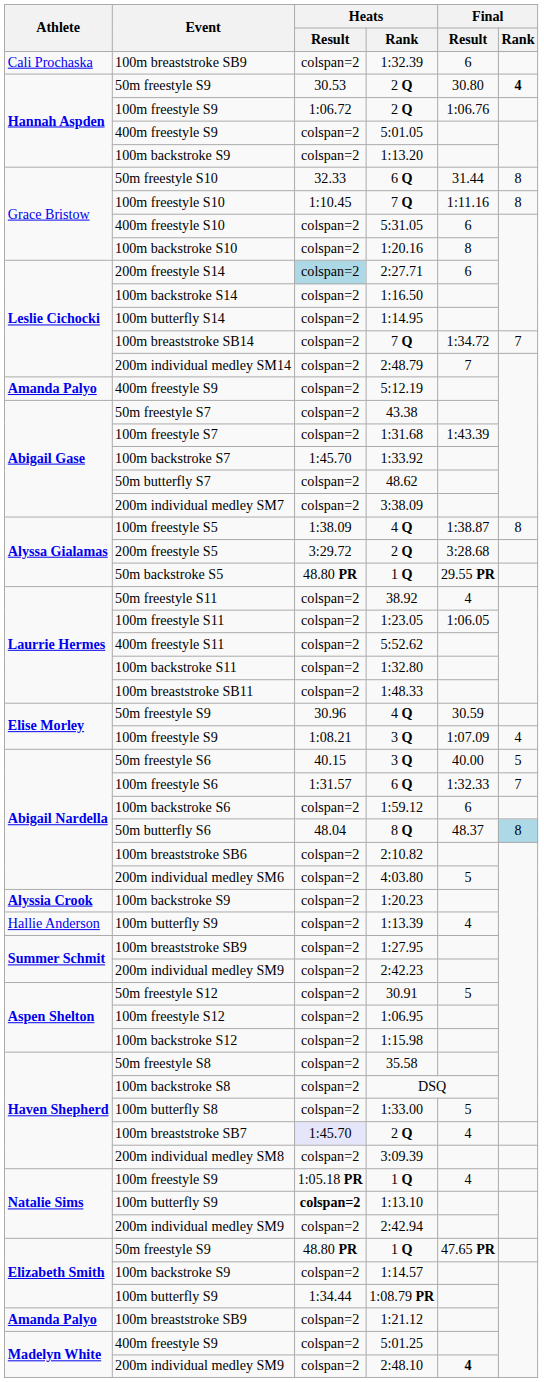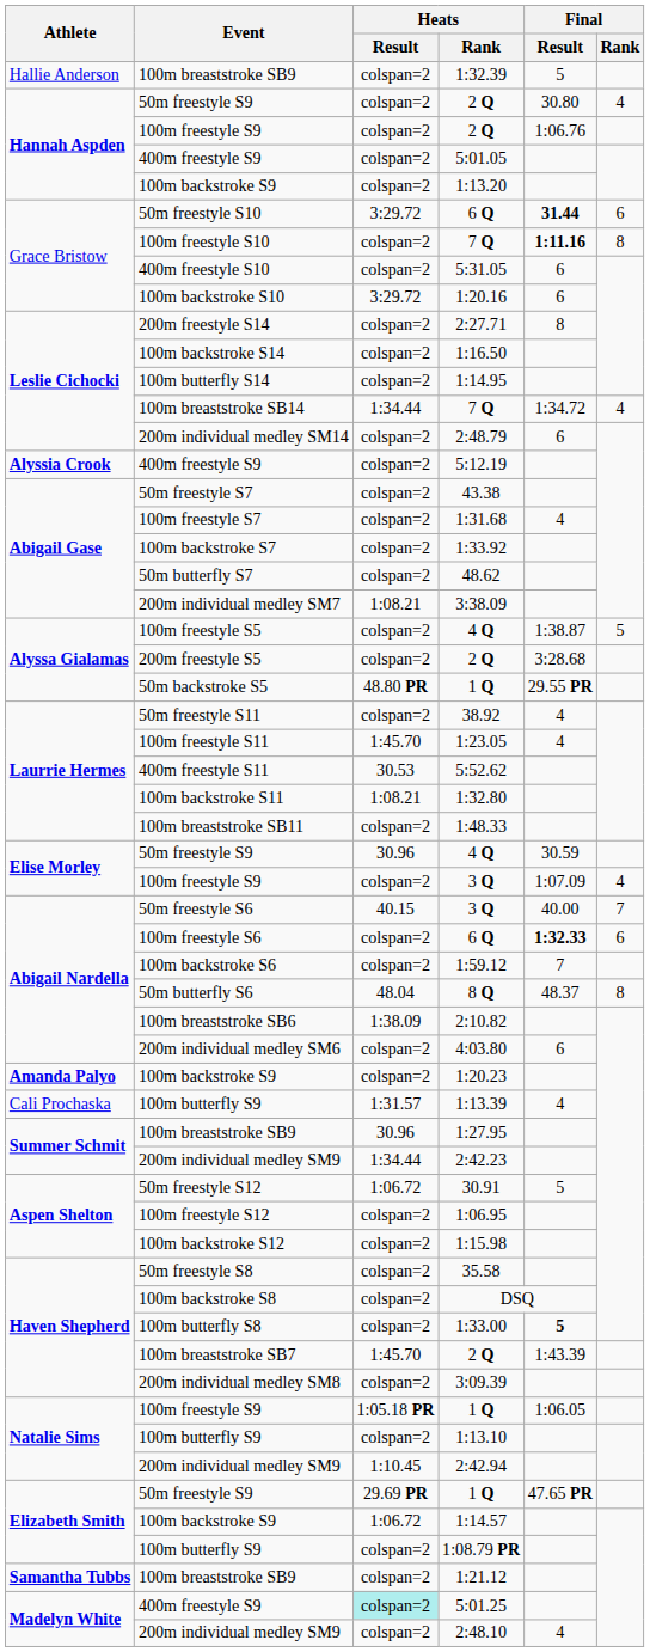 <table class=wikitable style="font-size:90%">
 <tr>
 <th rowspan="2">Athlete</th>
 <th rowspan="2">Event</th>
 <th colspan="2">Heats</th>
 <th colspan="2">Final</th>
 </tr>
 <tr>
 <th>Result</th>
 <th>Rank</th>
 <th>Result</th>
 <th>Rank</th>
 </tr>
 <tr align=center>
-<td align=left><a href='#'>Cali Prochaska</a></td>
+<td align=left><a href='#'>Hallie Anderson</a></td>
 <td align=left>100m breaststroke SB9</td>
 <td>colspan=2 </td>
 <td>1:32.39</td>
-<td>6</td>
+<td>5</td>
 </tr>
 <tr align=center>
 <td align=left rowspan=4><strong><a href='#'>Hannah Aspden</a></strong></td>
 <td align=left>50m freestyle S9</td>
-<td>30.53</td>
+<td>colspan=2 </td>
 <td>2 <strong>Q</strong></td>
 <td>30.80</td>
-<td><strong>4</strong></td>
+<td>4</td>
 </tr>
 <tr align=center>
 <td align=left>100m freestyle S9</td>
-<td>1:06.72</td>
+<td>colspan=2 </td>
 <td>2 <strong>Q</strong></td>
 <td>1:06.76</td>
 <td></td>
 </tr>
 <tr align=center>
 <td align=left>400m freestyle S9</td>
 <td>colspan=2 </td>
 <td>5:01.05</td>
 <td></td>
 </tr>
 <tr align=center>
 <td align=left>100m backstroke S9</td>
 <td>colspan=2 </td>
 <td>1:13.20</td>
 <td></td>
 </tr>
 <tr align=center>
 <td align=left rowspan=4><a href='#'>Grace Bristow</a></td>
 <td align=left>50m freestyle S10</td>
-<td>32.33</td>
+<td>3:29.72</td>
 <td>6 <strong>Q</strong></td>
-<td>31.44</td>
-<td>8</td>
+<td><strong>31.44</strong></td>
+<td>6</td>
 </tr>
 <tr align=center>
 <td align=left>100m freestyle S10</td>
-<td>1:10.45</td>
+<td>colspan=2 </td>
 <td>7 <strong>Q</strong></td>
-<td>1:11.16</td>
+<td><strong>1:11.16</strong></td>
 <td>8</td>
 </tr>
 <tr align=center>
 <td align=left>400m freestyle S10</td>
 <td>colspan=2 </td>
 <td>5:31.05</td>
 <td>6</td>
 </tr>
 <tr align=center>
 <td align=left>100m backstroke S10</td>
-<td>colspan=2 </td>
+<td>3:29.72</td>
 <td>1:20.16</td>
-<td>8</td>
+<td>6</td>
 </tr>
 <tr align=center>
 <td align=left rowspan=5><strong><a href='#'>Leslie Cichocki</a></strong></td>
 <td align=left>200m freestyle S14</td>
-<td style="background: lightblue;">colspan=2 </td>
+<td>colspan=2 </td>
 <td>2:27.71</td>
-<td>6</td>
+<td>8</td>
 </tr>
 <tr align=center>
 <td align=left>100m backstroke S14</td>
 <td>colspan=2 </td>
 <td>1:16.50</td>
 <td></td>
 </tr>
 <tr align=center>
 <td align=left>100m butterfly S14</td>
 <td>colspan=2 </td>
 <td>1:14.95</td>
 <td></td>
 </tr>
 <tr align=center>
 <td align=left>100m breaststroke SB14</td>
-<td>colspan=2 </td>
+<td>1:34.44</td>
 <td>7 <strong>Q</strong></td>
 <td>1:34.72</td>
-<td>7</td>
+<td>4</td>
 </tr>
 <tr align=center>
 <td align=left>200m individual medley SM14</td>
 <td>colspan=2 </td>
 <td>2:48.79</td>
-<td>7</td>
+<td>6</td>
 </tr>
 <tr align=center>
-<td align=left><strong><a href='#'>Amanda Palyo</a></strong></td>
+<td align=left><strong><a href='#'>Alyssia Crook</a></strong></td>
 <td align=left>400m freestyle S9</td>
 <td>colspan=2 </td>
 <td>5:12.19</td>
 <td></td>
 </tr>
 <tr align=center>
 <td align=left rowspan=5><strong><a href='#'>Abigail Gase</a></strong></td>
 <td align=left>50m freestyle S7</td>
 <td>colspan=2 </td>
 <td>43.38</td>
 <td></td>
 </tr>
 <tr align=center>
 <td align=left>100m freestyle S7</td>
 <td>colspan=2 </td>
 <td>1:31.68</td>
-<td>1:43.39</td>
+<td>4</td>
 </tr>
 <tr align=center>
 <td align=left>100m backstroke S7</td>
-<td>1:45.70</td>
+<td>colspan=2 </td>
 <td>1:33.92</td>
 <td></td>
 </tr>
 <tr align=center>
 <td align=left>50m butterfly S7</td>
 <td>colspan=2 </td>
 <td>48.62</td>
 <td></td>
 </tr>
 <tr align=center>
 <td align=left>200m individual medley SM7</td>
-<td>colspan=2 </td>
+<td>1:08.21</td>
 <td>3:38.09</td>
 <td></td>
 </tr>
 <tr align=center>
 <td align=left rowspan=3><strong><a href='#'>Alyssa Gialamas</a></strong></td>
 <td align=left>100m freestyle S5</td>
-<td>1:38.09</td>
+<td>colspan=2 </td>
 <td>4 <strong>Q</strong></td>
 <td>1:38.87</td>
-<td>8</td>
+<td>5</td>
 </tr>
 <tr align=center>
 <td align=left>200m freestyle S5</td>
-<td>3:29.72</td>
+<td>colspan=2 </td>
 <td>2 <strong>Q</strong></td>
 <td>3:28.68</td>
 <td></td>
 </tr>
 <tr align=center>
 <td align=left>50m backstroke S5</td>
 <td>48.80 <strong>PR</strong></td>
 <td>1 <strong>Q</strong></td>
 <td>29.55 <strong>PR</strong></td>
 <td></td>
 </tr>
 <tr align=center>
 <td align=left rowspan=5><strong><a href='#'>Laurrie Hermes</a></strong></td>
 <td align=left>50m freestyle S11</td>
 <td>colspan=2 </td>
 <td>38.92</td>
 <td>4</td>
 </tr>
 <tr align=center>
 <td align=left>100m freestyle S11</td>
-<td>colspan=2 </td>
+<td>1:45.70</td>
 <td>1:23.05</td>
-<td>1:06.05</td>
+<td>4</td>
 </tr>
 <tr align=center>
 <td align=left>400m freestyle S11</td>
-<td>colspan=2 </td>
+<td>30.53</td>
 <td>5:52.62</td>
 <td></td>
 </tr>
 <tr align=center>
 <td align=left>100m backstroke S11</td>
-<td>colspan=2 </td>
+<td>1:08.21</td>
 <td>1:32.80</td>
 <td></td>
 </tr>
 <tr align=center>
 <td align=left>100m breaststroke SB11</td>
 <td>colspan=2 </td>
 <td>1:48.33</td>
 <td></td>
 </tr>
 <tr align=center>
 <td align=left rowspan=2><strong><a href='#'>Elise Morley</a></strong></td>
 <td align=left>50m freestyle S9</td>
 <td>30.96</td>
 <td>4 <strong>Q</strong></td>
 <td>30.59</td>
 <td></td>
 </tr>
 <tr align=center>
 <td align=left>100m freestyle S9</td>
-<td>1:08.21</td>
+<td>colspan=2 </td>
 <td>3 <strong>Q</strong></td>
 <td>1:07.09</td>
 <td>4</td>
 </tr>
 <tr align=center>
 <td align=left rowspan=6><strong><a href='#'>Abigail Nardella</a></strong></td>
 <td align=left>50m freestyle S6</td>
 <td>40.15</td>
 <td>3 <strong>Q</strong></td>
 <td>40.00</td>
-<td>5</td>
+<td>7</td>
 </tr>
 <tr align=center>
 <td align=left>100m freestyle S6</td>
-<td>1:31.57</td>
+<td>colspan=2 </td>
 <td>6 <strong>Q</strong></td>
-<td>1:32.33</td>
-<td>7</td>
+<td><strong>1:32.33</strong></td>
+<td>6</td>
 </tr>
 <tr align=center>
 <td align=left>100m backstroke S6</td>
 <td>colspan=2 </td>
 <td>1:59.12</td>
-<td>6</td>
+<td>7</td>
 </tr>
 <tr align=center>
 <td align=left>50m butterfly S6</td>
 <td>48.04</td>
 <td>8 <strong>Q</strong></td>
 <td>48.37</td>
-<td style="background: lightblue;">8</td>
+<td>8</td>
 </tr>
 <tr align=center>
 <td align=left>100m breaststroke SB6</td>
-<td>colspan=2 </td>
+<td>1:38.09</td>
 <td>2:10.82</td>
 <td></td>
 </tr>
 <tr align=center>
 <td align=left>200m individual medley SM6</td>
 <td>colspan=2 </td>
 <td>4:03.80</td>
-<td>5</td>
+<td>6</td>
 </tr>
 <tr align=center>
-<td align=left><strong><a href='#'>Alyssia Crook</a></strong></td>
+<td align=left><strong><a href='#'>Amanda Palyo</a></strong></td>
 <td align=left>100m backstroke S9</td>
 <td>colspan=2 </td>
 <td>1:20.23</td>
 <td></td>
 </tr>
 <tr align=center>
-<td align=left><a href='#'>Hallie Anderson</a></td>
+<td align=left><a href='#'>Cali Prochaska</a></td>
 <td align=left>100m butterfly S9</td>
-<td>colspan=2 </td>
+<td>1:31.57</td>
 <td>1:13.39</td>
 <td>4</td>
 </tr>
 <tr align=center>
 <td align=left rowspan=2><strong><a href='#'>Summer Schmit</a></strong></td>
 <td align=left>100m breaststroke SB9</td>
-<td>colspan=2 </td>
+<td>30.96</td>
 <td>1:27.95</td>
 <td></td>
 </tr>
 <tr align=center>
 <td align=left>200m individual medley SM9</td>
-<td>colspan=2 </td>
+<td>1:34.44</td>
 <td>2:42.23</td>
 <td></td>
 </tr>
 <tr align=center>
 <td align=left rowspan=3><strong><a href='#'>Aspen Shelton</a></strong></td>
 <td align=left>50m freestyle S12</td>
-<td>colspan=2 </td>
+<td>1:06.72</td>
 <td>30.91</td>
 <td>5</td>
 </tr>
 <tr align=center>
 <td align=left>100m freestyle S12</td>
 <td>colspan=2 </td>
 <td>1:06.95</td>
 <td></td>
 </tr>
 <tr align=center>
 <td align=left>100m backstroke S12</td>
 <td>colspan=2 </td>
 <td>1:15.98</td>
 <td></td>
 </tr>
 <tr align=center>
 <td align=left rowspan=5><strong><a href='#'>Haven Shepherd</a></strong></td>
 <td align=left>50m freestyle S8</td>
 <td>colspan=2 </td>
 <td>35.58</td>
 <td></td>
 </tr>
 <tr align=center>
 <td align=left>100m backstroke S8</td>
 <td>colspan=2 </td>
 <td colspan=2>DSQ</td>
 </tr>
 <tr align=center>
 <td align=left>100m butterfly S8</td>
 <td>colspan=2 </td>
 <td>1:33.00</td>
-<td>5</td>
+<td><strong>5</strong></td>
 </tr>
 <tr align=center>
 <td align=left>100m breaststroke SB7</td>
-<td style="background: lavender;">1:45.70</td>
+<td>1:45.70</td>
 <td>2 <strong>Q</strong></td>
-<td>4</td>
+<td>1:43.39</td>
 <td></td>
 </tr>
 <tr align=center>
 <td align=left>200m individual medley SM8</td>
 <td>colspan=2 </td>
 <td>3:09.39</td>
 <td></td>
 </tr>
 <tr align=center>
 <td align=left rowspan=3><strong><a href='#'>Natalie Sims</a></strong></td>
 <td align=left>100m freestyle S9</td>
 <td>1:05.18 <strong>PR</strong></td>
 <td>1 <strong>Q</strong></td>
-<td>4</td>
+<td>1:06.05</td>
 <td></td>
 </tr>
 <tr align=center>
 <td align=left>100m butterfly S9</td>
-<td><strong>colspan=2 </strong></td>
+<td>colspan=2 </td>
 <td>1:13.10</td>
 <td></td>
 </tr>
 <tr align=center>
 <td align=left>200m individual medley SM9</td>
-<td>colspan=2 </td>
+<td>1:10.45</td>
 <td>2:42.94</td>
 <td></td>
 </tr>
 <tr align=center>
 <td align=left rowspan=3><strong><a href='#'>Elizabeth Smith</a></strong></td>
 <td align=left>50m freestyle S9</td>
-<td>48.80 <strong>PR</strong></td>
+<td>29.69 <strong>PR</strong></td>
 <td>1 <strong>Q</strong></td>
 <td>47.65 <strong>PR</strong></td>
 <td></td>
 </tr>
 <tr align=center>
 <td align=left>100m backstroke S9</td>
-<td>colspan=2 </td>
+<td>1:06.72</td>
 <td>1:14.57</td>
 <td></td>
 </tr>
 <tr align=center>
 <td align=left>100m butterfly S9</td>
-<td>1:34.44</td>
+<td>colspan=2 </td>
 <td>1:08.79 <strong>PR</strong></td>
 <td></td>
 </tr>
 <tr align=center>
-<td align=left><strong><a href='#'>Amanda Palyo</a></strong></td>
+<td align=left><strong><a href='#'>Samantha Tubbs</a></strong></td>
 <td align=left>100m breaststroke SB9</td>
 <td>colspan=2 </td>
 <td>1:21.12</td>
 <td></td>
 </tr>
 <tr align=center>
 <td align=left rowspan=2><strong><a href='#'>Madelyn White</a></strong></td>
 <td align=left>400m freestyle S9</td>
-<td>colspan=2 </td>
+<td style="background: paleturquoise;">colspan=2 </td>
 <td>5:01.25</td>
 <td></td>
 </tr>
 <tr align=center>
 <td align=left>200m individual medley SM9</td>
 <td>colspan=2 </td>
 <td>2:48.10</td>
-<td><strong>4</strong></td>
+<td>4</td>
 </tr>
 </table>
